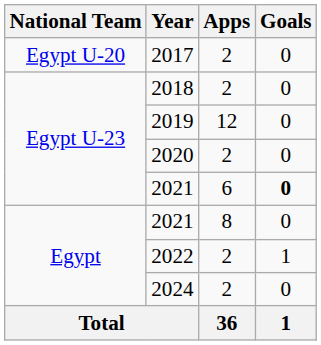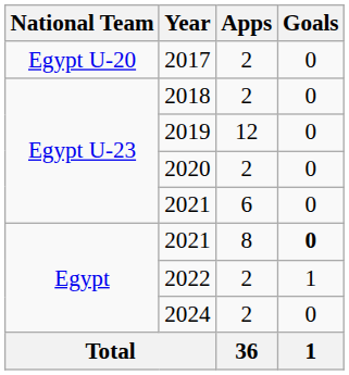 <table Class = "wikitable" style = "text-align:center">
 <tr>
 <th>National Team</th>
 <th>Year</th>
 <th>Apps</th>
 <th>Goals</th>
 </tr>
 <tr>
 <td><a href='#'>Egypt U-20</a></td>
 <td>2017</td>
 <td>2</td>
 <td>0</td>
 </tr>
 <tr>
 <td rowspan="4"><a href='#'>Egypt U-23</a></td>
 <td>2018</td>
 <td>2</td>
 <td>0</td>
 </tr>
 <tr>
 <td>2019</td>
 <td>12</td>
 <td>0</td>
 </tr>
 <tr>
 <td>2020</td>
 <td>2</td>
 <td>0</td>
 </tr>
 <tr>
 <td>2021</td>
 <td>6</td>
-<td><strong>0</strong></td>
+<td>0</td>
 </tr>
 <tr>
 <td rowspan="3"><a href='#'>Egypt</a></td>
 <td>2021</td>
 <td>8</td>
-<td>0</td>
+<td><strong>0</strong></td>
 </tr>
 <tr>
 <td>2022</td>
 <td>2</td>
 <td>1</td>
 </tr>
 <tr>
 <td>2024</td>
 <td>2</td>
 <td>0</td>
 </tr>
 <tr>
 <th colspan="2">Total</th>
 <th>36</th>
 <th>1</th>
 </tr>
 </table>
